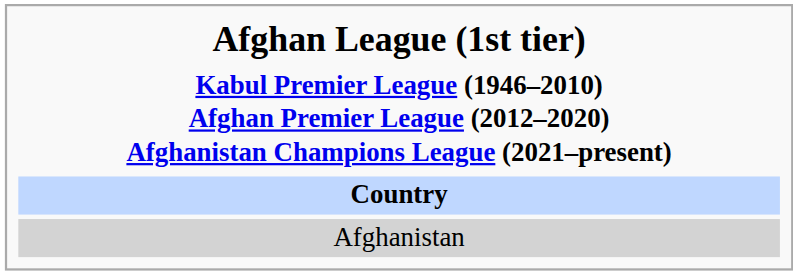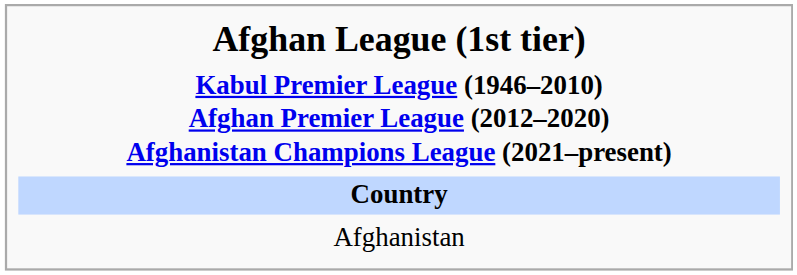 <table class="infobox football" style="width: 22em; text-align: center;">
 <tr>
 <th style="font-size: 16px;">Afghan League (1st tier)</th>
 </tr>
 <tr>
 <th style="font-size: 12px;"><a href='#'>Kabul Premier League</a> (1946–2010)<br><a href='#'>Afghan Premier League</a> (2012–2020)<br><a href='#'>Afghanistan Champions League</a> (2021–present)</th>
 </tr>
 <tr>
 <td style="font-size: 12px; background: #BFD7FF;"><strong>Country</strong></td>
 </tr>
 <tr>
-<td style="background: lightgrey; font-size: 12px;">Afghanistan<br></td>
+<td style="font-size: 12px;">Afghanistan<br></td>
 </tr>
 </table>
